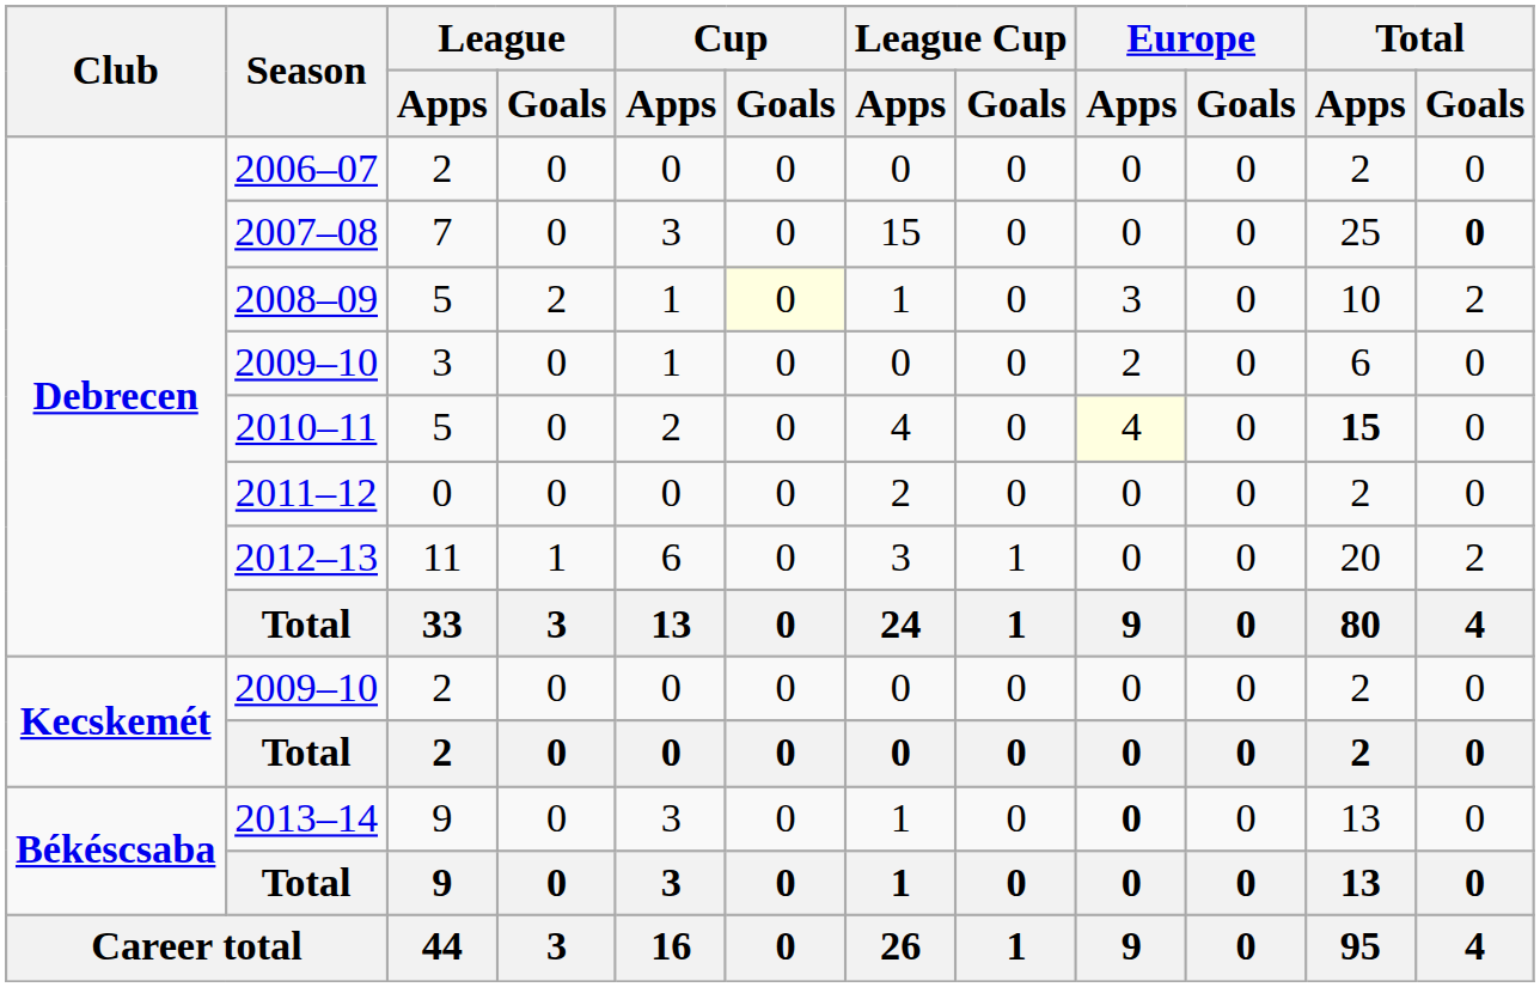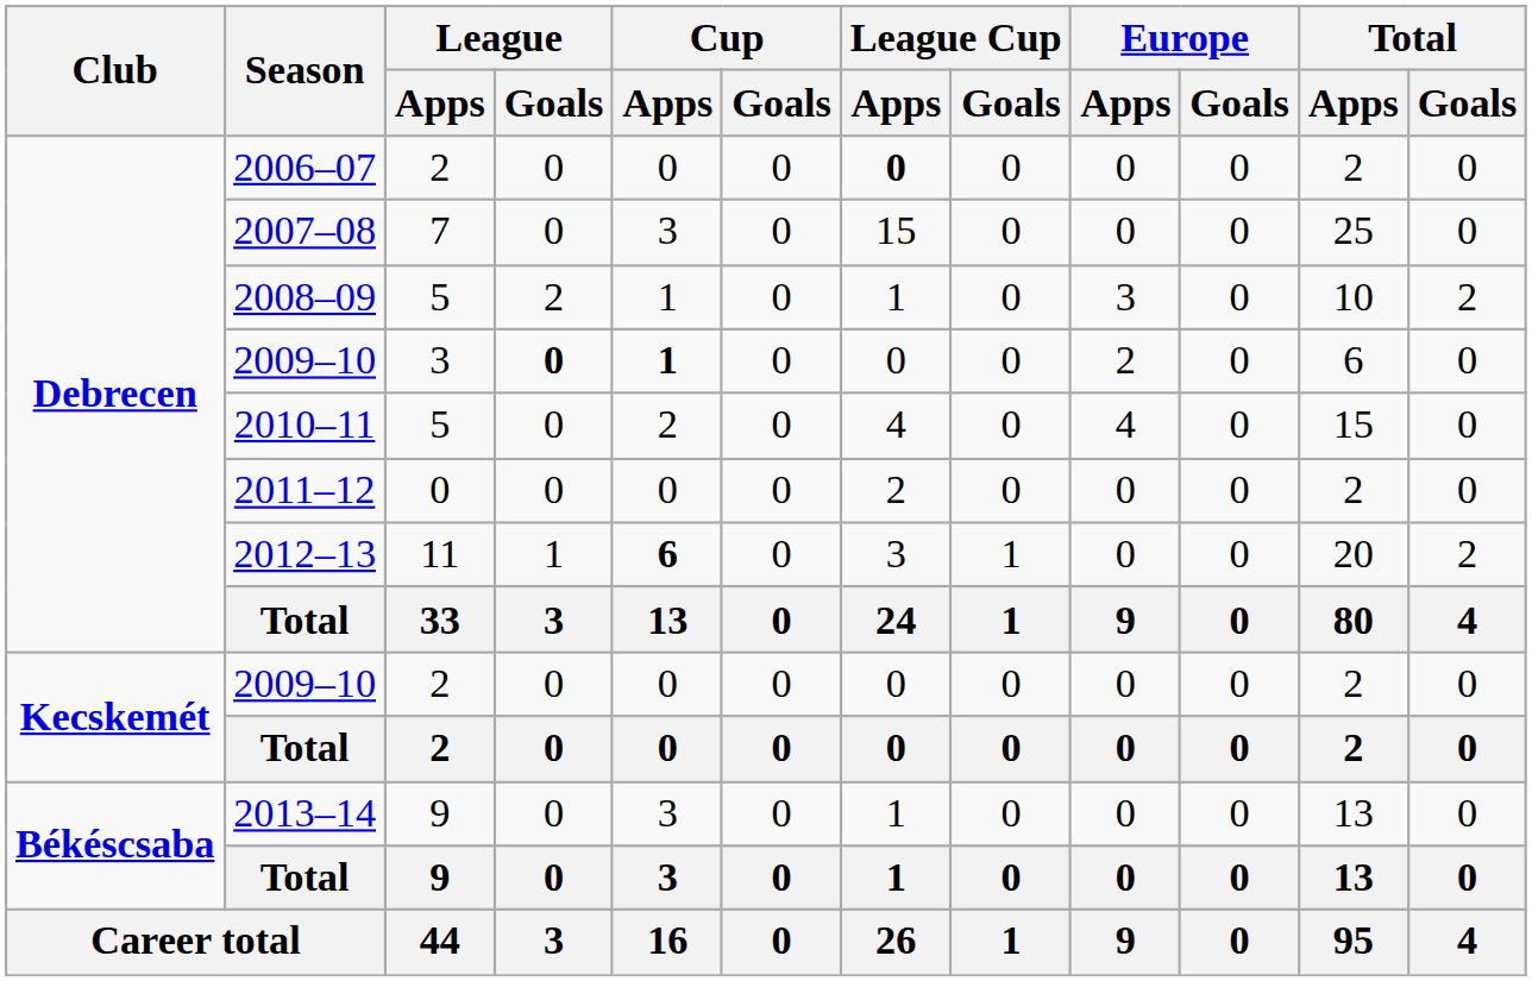 <table class="wikitable" style="text-align: center;">
 <tr>
 <th rowspan="2">Club</th>
 <th rowspan="2">Season</th>
 <th colspan="2">League</th>
 <th colspan="2">Cup</th>
 <th colspan="2">League Cup</th>
 <th colspan="2"><a href='#'>Europe</a></th>
 <th colspan="2">Total</th>
 </tr>
 <tr>
 <th>Apps</th>
 <th>Goals</th>
 <th>Apps</th>
 <th>Goals</th>
 <th>Apps</th>
 <th>Goals</th>
 <th>Apps</th>
 <th>Goals</th>
 <th>Apps</th>
 <th>Goals</th>
 </tr>
 <tr>
 <td rowspan="8"><strong><a href='#'>Debrecen</a></strong></td>
 <td><a href='#'>2006–07</a></td>
 <td>2</td>
 <td>0</td>
 <td>0</td>
 <td>0</td>
-<td>0</td>
+<td><strong>0</strong></td>
 <td>0</td>
 <td>0</td>
 <td>0</td>
 <td>2</td>
 <td>0</td>
 </tr>
 <tr>
 <td><a href='#'>2007–08</a></td>
 <td>7</td>
 <td>0</td>
 <td>3</td>
 <td>0</td>
 <td>15</td>
 <td>0</td>
 <td>0</td>
 <td>0</td>
 <td>25</td>
-<td><strong>0</strong></td>
+<td>0</td>
 </tr>
 <tr>
 <td><a href='#'>2008–09</a></td>
 <td>5</td>
 <td>2</td>
 <td>1</td>
-<td style="background: lightyellow;">0</td>
+<td>0</td>
 <td>1</td>
 <td>0</td>
 <td>3</td>
 <td>0</td>
 <td>10</td>
 <td>2</td>
 </tr>
 <tr>
 <td><a href='#'>2009–10</a></td>
 <td>3</td>
-<td>0</td>
-<td>1</td>
+<td><strong>0</strong></td>
+<td><strong>1</strong></td>
 <td>0</td>
 <td>0</td>
 <td>0</td>
 <td>2</td>
 <td>0</td>
 <td>6</td>
 <td>0</td>
 </tr>
 <tr>
 <td><a href='#'>2010–11</a></td>
 <td>5</td>
 <td>0</td>
 <td>2</td>
 <td>0</td>
 <td>4</td>
 <td>0</td>
-<td style="background: lightyellow;">4</td>
+<td>4</td>
 <td>0</td>
-<td><strong>15</strong></td>
+<td>15</td>
 <td>0</td>
 </tr>
 <tr>
 <td><a href='#'>2011–12</a></td>
 <td>0</td>
 <td>0</td>
 <td>0</td>
 <td>0</td>
 <td>2</td>
 <td>0</td>
 <td>0</td>
 <td>0</td>
 <td>2</td>
 <td>0</td>
 </tr>
 <tr>
 <td><a href='#'>2012–13</a></td>
 <td>11</td>
 <td>1</td>
-<td>6</td>
+<td><strong>6</strong></td>
 <td>0</td>
 <td>3</td>
 <td>1</td>
 <td>0</td>
 <td>0</td>
 <td>20</td>
 <td>2</td>
 </tr>
 <tr>
 <th>Total</th>
 <th>33</th>
 <th>3</th>
 <th>13</th>
 <th>0</th>
 <th>24</th>
 <th>1</th>
 <th>9</th>
 <th>0</th>
 <th>80</th>
 <th>4</th>
 </tr>
 <tr>
 <td rowspan="2"><strong><a href='#'>Kecskemét</a></strong></td>
 <td><a href='#'>2009–10</a></td>
 <td>2</td>
 <td>0</td>
 <td>0</td>
 <td>0</td>
 <td>0</td>
 <td>0</td>
 <td>0</td>
 <td>0</td>
 <td>2</td>
 <td>0</td>
 </tr>
 <tr>
 <th>Total</th>
 <th>2</th>
 <th>0</th>
 <th>0</th>
 <th>0</th>
 <th>0</th>
 <th>0</th>
 <th>0</th>
 <th>0</th>
 <th>2</th>
 <th>0</th>
 </tr>
 <tr>
 <td rowspan="2"><strong><a href='#'>Békéscsaba</a></strong></td>
 <td><a href='#'>2013–14</a></td>
 <td>9</td>
 <td>0</td>
 <td>3</td>
 <td>0</td>
 <td>1</td>
 <td>0</td>
-<td><strong>0</strong></td>
+<td>0</td>
 <td>0</td>
 <td>13</td>
 <td>0</td>
 </tr>
 <tr>
 <th>Total</th>
 <th>9</th>
 <th>0</th>
 <th>3</th>
 <th>0</th>
 <th>1</th>
 <th>0</th>
 <th>0</th>
 <th>0</th>
 <th>13</th>
 <th>0</th>
 </tr>
 <tr>
 <th colspan="2">Career total</th>
 <th>44</th>
 <th>3</th>
 <th>16</th>
 <th>0</th>
 <th>26</th>
 <th>1</th>
 <th>9</th>
 <th>0</th>
 <th>95</th>
 <th>4</th>
 </tr>
 </table>
